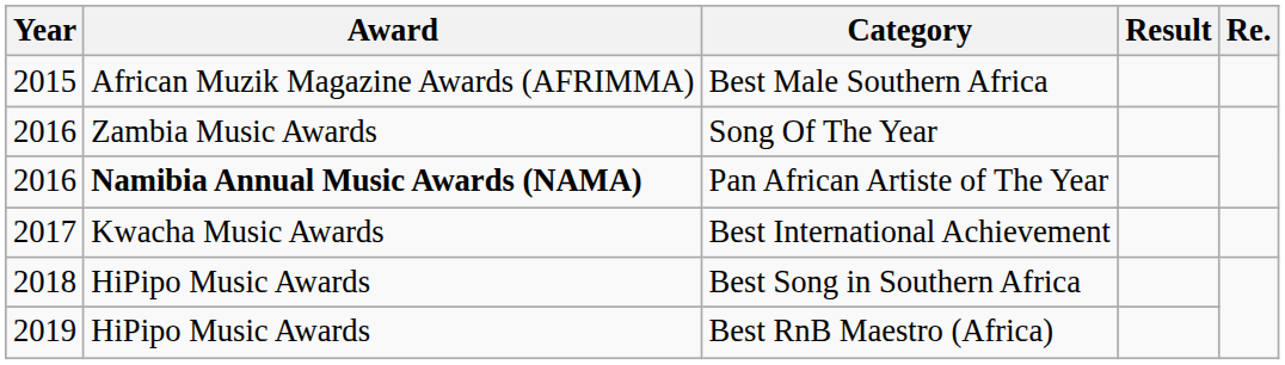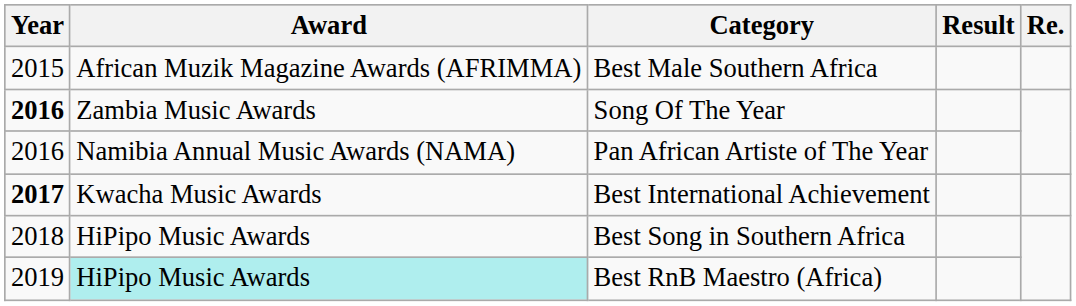 <table class="wikitable">
 <tr>
 <th>Year</th>
 <th>Award</th>
 <th>Category</th>
 <th>Result</th>
 <th>Re.</th>
 </tr>
 <tr>
 <td>2015</td>
 <td>African Muzik Magazine Awards (AFRIMMA)</td>
 <td>Best Male Southern Africa</td>
 <td></td>
 <td></td>
 </tr>
 <tr>
-<td>2016</td>
+<td><strong>2016</strong></td>
 <td>Zambia Music Awards</td>
 <td>Song Of The Year</td>
 <td></td>
 <td rowspan="2"></td>
 </tr>
 <tr>
 <td>2016</td>
-<td><strong>Namibia Annual Music Awards (NAMA)</strong></td>
+<td>Namibia Annual Music Awards (NAMA)</td>
 <td>Pan African Artiste of The Year</td>
 <td></td>
 </tr>
 <tr>
-<td>2017</td>
+<td><strong>2017</strong></td>
 <td>Kwacha Music Awards</td>
 <td>Best International Achievement</td>
 <td></td>
 <td></td>
 </tr>
 <tr>
 <td>2018</td>
 <td>HiPipo Music Awards</td>
 <td>Best Song in Southern Africa</td>
 <td></td>
 <td rowspan="3"></td>
 </tr>
 <tr>
 <td>2019</td>
-<td>HiPipo Music Awards</td>
+<td style="background: paleturquoise;">HiPipo Music Awards</td>
 <td>Best RnB Maestro (Africa)</td>
 <td></td>
 </tr>
 </table>
